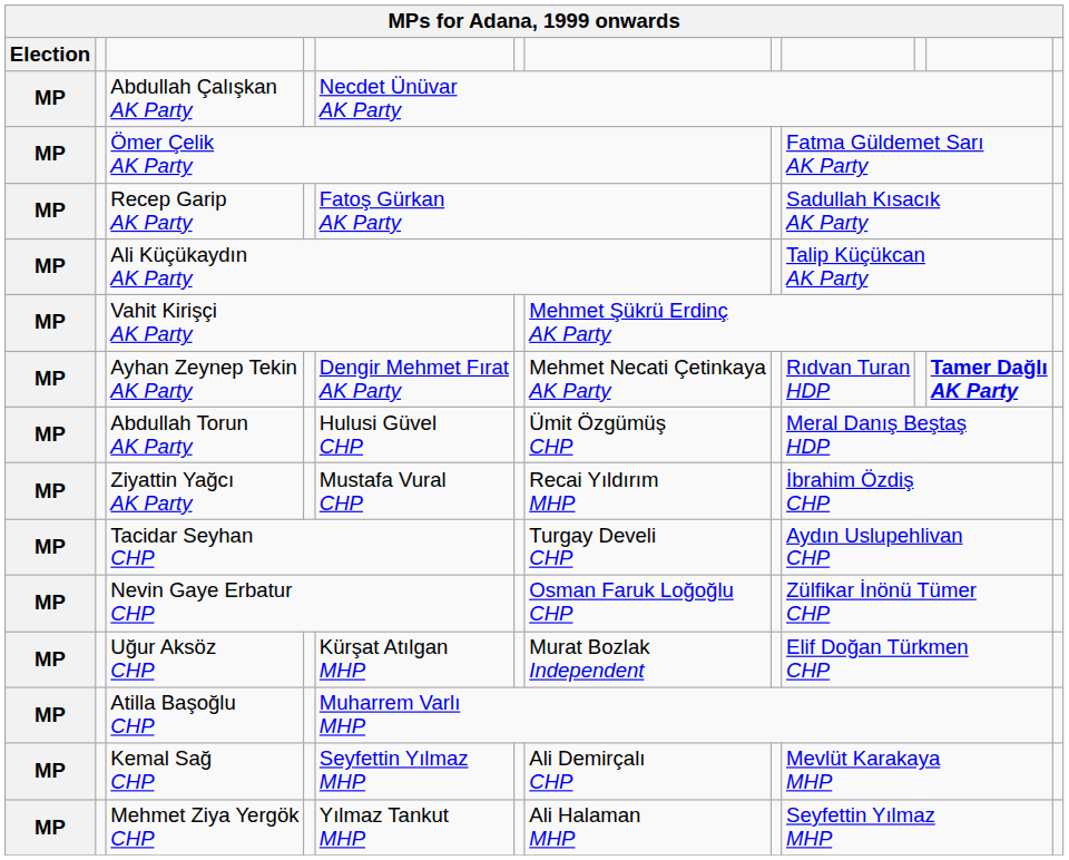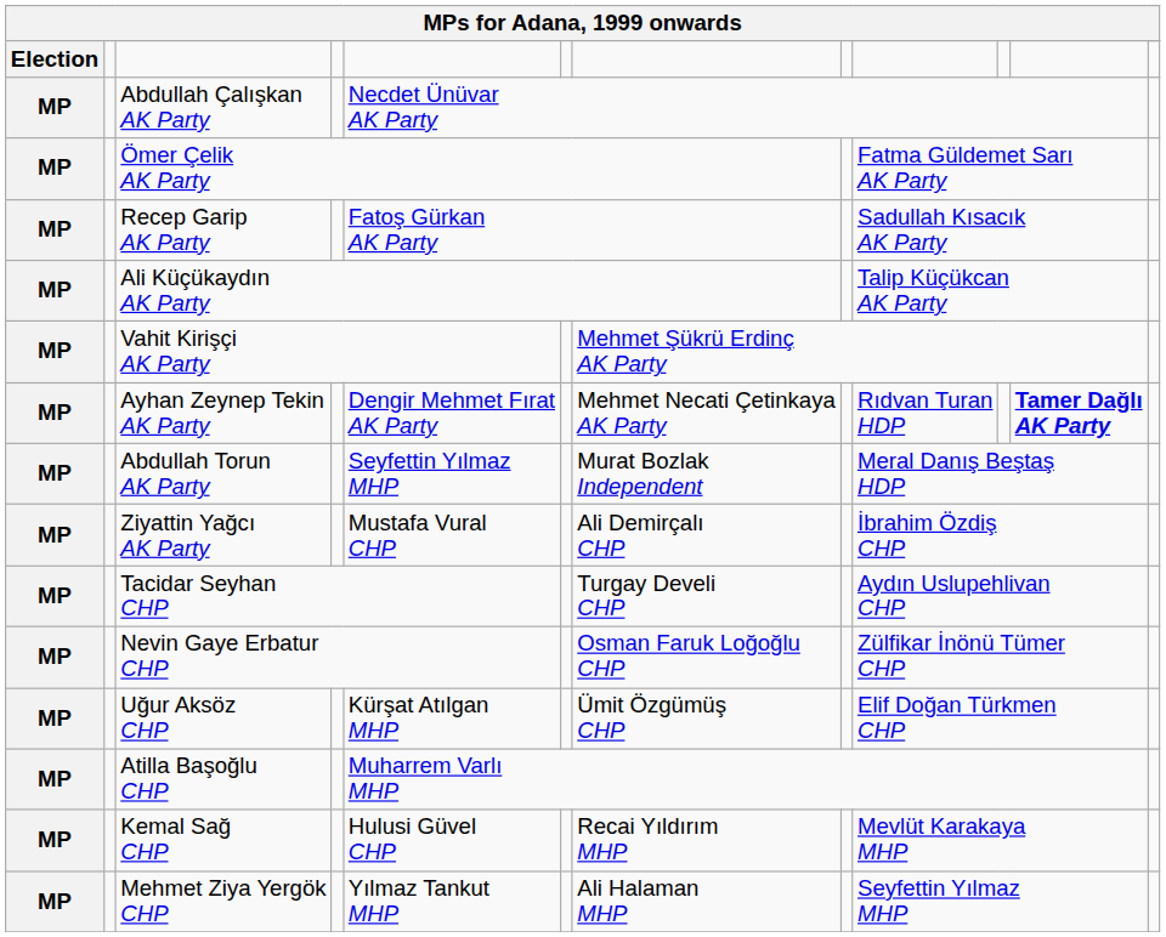 <table class="wikitable">
 <tr>
 <th colspan = 12>MPs for Adana, 1999 onwards</th>
 </tr>
 <tr>
 <th rowspan = 2>Election</th>
 <td rowspan="2" style="width:1px;"></td>
 <td rowspan = 2></td>
 <td rowspan="2" style="width:1px;"></td>
 <td rowspan = 2></td>
 <td rowspan="2" style="width:1px;"></td>
 <td rowspan = 2></td>
 <td rowspan="2" style="width:1px;"></td>
 <td rowspan = 2></td>
 <td rowspan="2" style="width:1px;"></td>
 <td rowspan = 2></td>
 </tr>
 <tr>
 <td></td>
 </tr>
 <tr>
 <th>MP</th>
 <td width=1px style="background-color: "></td>
 <td colspan = 1>Abdullah Çalışkan<br><em><a href='#'>AK Party</a></em></td>
 <td width=1px style="background-color: "></td>
 <td colspan = 7><a href='#'>Necdet Ünüvar</a><br><em><a href='#'>AK Party</a></em></td>
 <td width=1px style="background-color: "></td>
 </tr>
 <tr>
 <th>MP</th>
 <td width=1px style="background-color: "></td>
 <td colspan = 5><a href='#'>Ömer Çelik</a><br><em><a href='#'>AK Party</a></em></td>
 <td width=1px style="background-color: "></td>
 <td colspan = 3><a href='#'>Fatma Güldemet Sarı</a><br><em><a href='#'>AK Party</a></em></td>
 <td width=1px style="background-color: "></td>
 </tr>
 <tr>
 <th>MP</th>
 <td width=1px style="background-color: "></td>
 <td colspan = 1>Recep Garip<br><em><a href='#'>AK Party</a></em></td>
 <td width=1px style="background-color: "></td>
 <td colspan = 3><a href='#'>Fatoş Gürkan</a><br><em><a href='#'>AK Party</a></em></td>
 <td width=1px style="background-color: "></td>
 <td colspan = 3><a href='#'>Sadullah Kısacık</a><br><em><a href='#'>AK Party</a></em></td>
 <td width=1px style="background-color: "></td>
 </tr>
 <tr>
 <th>MP</th>
 <td width=1px style="background-color: "></td>
 <td colspan = 5>Ali Küçükaydın<br><em><a href='#'>AK Party</a></em></td>
 <td width=1px style="background-color: "></td>
 <td colspan = 3><a href='#'>Talip Küçükcan</a><br><em><a href='#'>AK Party</a></em></td>
 <td width=1px style="background-color: "></td>
 </tr>
 <tr>
 <th>MP</th>
 <td width=1px style="background-color: "></td>
 <td colspan = 3>Vahit Kirişçi<br><em><a href='#'>AK Party</a></em></td>
 <td width=1px style="background-color: "></td>
 <td colspan = 5><a href='#'>Mehmet Şükrü Erdinç</a><br><em><a href='#'>AK Party</a></em></td>
 <td width=1px style="background-color: "></td>
 </tr>
 <tr>
 <th>MP</th>
 <td width=1px style="background-color: "></td>
 <td colspan = 1>Ayhan Zeynep Tekin<br><em><a href='#'>AK Party</a></em></td>
 <td width=1px style="background-color: "></td>
 <td colspan = 1><a href='#'>Dengir Mehmet Fırat</a><br><em><a href='#'>AK Party</a></em></td>
 <td width=1px style="background-color: "></td>
 <td colspan = 1>Mehmet Necati Çetinkaya<br><em><a href='#'>AK Party</a></em></td>
 <td width=1px style="background-color: "></td>
 <td colspan = 1><a href='#'>Rıdvan Turan</a><br><em><a href='#'>HDP</a></em></td>
 <td width=1px style="background-color: "></td>
 <td colspan = 1><strong><a href='#'>Tamer Dağlı</a><br><em><a href='#'>AK Party</a></em></strong></td>
 <td width=1px style="background-color: "></td>
 </tr>
 <tr>
 <th>MP</th>
 <td width=1px style="background-color: "></td>
 <td colspan = 1>Abdullah Torun<br><em><a href='#'>AK Party</a></em></td>
 <td width=1px style="background-color: "></td>
-<td colspan = 1>Hulusi Güvel<br><em><a href='#'>CHP</a></em></td>
+<td colspan = 1><a href='#'>Seyfettin Yılmaz</a><br><em><a href='#'>MHP</a></em></td>
 <td width=1px style="background-color: "></td>
-<td colspan = 1>Ümit Özgümüş<br><em><a href='#'>CHP</a></em></td>
+<td colspan = 1>Murat Bozlak<br><em><a href='#'>Independent</a></em></td>
 <td width=1px style="background-color: "></td>
 <td colspan = 3><a href='#'>Meral Danış Beştaş</a><br><em><a href='#'>HDP</a></em></td>
 <td width=1px style="background-color: "></td>
 </tr>
 <tr>
 <th>MP</th>
 <td width=1px style="background-color: "></td>
 <td colspan = 1>Ziyattin Yağcı<br><em><a href='#'>AK Party</a></em></td>
 <td width=1px style="background-color: "></td>
 <td colspan = 1>Mustafa Vural<br><em><a href='#'>CHP</a></em></td>
 <td width=1px style="background-color: "></td>
-<td colspan = 1>Recai Yıldırım<br><em><a href='#'>MHP</a></em></td>
+<td colspan = 1>Ali Demirçalı<br><em><a href='#'>CHP</a></em></td>
 <td width=1px style="background-color: "></td>
 <td colspan = 3><a href='#'>İbrahim Özdiş</a><br><em><a href='#'>CHP</a></em></td>
 <td width=1px style="background-color: "></td>
 </tr>
 <tr>
 <th>MP</th>
 <td width=1px style="background-color: "></td>
 <td colspan = 3>Tacidar Seyhan<br><em><a href='#'>CHP</a></em></td>
 <td width=1px style="background-color: "></td>
 <td colspan = 1>Turgay Develi<br><em><a href='#'>CHP</a></em></td>
 <td width=1px style="background-color: "></td>
 <td colspan = 3><a href='#'>Aydın Uslupehlivan</a><br><em><a href='#'>CHP</a></em></td>
 <td width=1px style="background-color: "></td>
 </tr>
 <tr>
 <th>MP</th>
 <td width=1px style="background-color: "></td>
 <td colspan = 3>Nevin Gaye Erbatur<br><em><a href='#'>CHP</a></em></td>
 <td width=1px style="background-color: "></td>
 <td colspan = 1><a href='#'>Osman Faruk Loğoğlu</a><br><em><a href='#'>CHP</a></em></td>
 <td width=1px style="background-color: "></td>
 <td colspan = 3><a href='#'>Zülfikar İnönü Tümer</a><br><em><a href='#'>CHP</a></em></td>
 <td width=1px style="background-color: "></td>
 </tr>
 <tr>
 <th>MP</th>
 <td width=1px style="background-color: "></td>
 <td colspan = 1>Uğur Aksöz<br><em><a href='#'>CHP</a></em></td>
 <td width=1px style="background-color: "></td>
 <td colspan = 1>Kürşat Atılgan<br><em><a href='#'>MHP</a></em></td>
 <td width=1px style="background-color: "></td>
-<td colspan = 1>Murat Bozlak<br><em><a href='#'>Independent</a></em></td>
+<td colspan = 1>Ümit Özgümüş<br><em><a href='#'>CHP</a></em></td>
 <td width=1px style="background-color: "></td>
 <td colspan = 3><a href='#'>Elif Doğan Türkmen</a><br><em><a href='#'>CHP</a></em></td>
 <td width=1px style="background-color: "></td>
 </tr>
 <tr>
 <th>MP</th>
 <td width=1px style="background-color: "></td>
 <td colspan = 1>Atilla Başoğlu<br><em><a href='#'>CHP</a></em></td>
 <td width=1px style="background-color: "></td>
 <td colspan = 7><a href='#'>Muharrem Varlı</a><br><em><a href='#'>MHP</a></em></td>
 <td width=1px style="background-color: "></td>
 </tr>
 <tr>
 <th>MP</th>
 <td width=1px style="background-color: "></td>
 <td colspan = 1>Kemal Sağ<br><em><a href='#'>CHP</a></em></td>
 <td width=1px style="background-color: "></td>
-<td colspan = 1><a href='#'>Seyfettin Yılmaz</a><br><em><a href='#'>MHP</a></em></td>
+<td colspan = 1>Hulusi Güvel<br><em><a href='#'>CHP</a></em></td>
 <td width=1px style="background-color: "></td>
-<td colspan = 1>Ali Demirçalı<br><em><a href='#'>CHP</a></em></td>
+<td colspan = 1>Recai Yıldırım<br><em><a href='#'>MHP</a></em></td>
 <td width=1px style="background-color: "></td>
 <td colspan = 3><a href='#'>Mevlüt Karakaya</a><br><em><a href='#'>MHP</a></em></td>
 <td width=1px style="background-color: "></td>
 </tr>
 <tr>
 <th>MP</th>
 <td width=1px style="background-color: "></td>
 <td colspan = 1>Mehmet Ziya Yergök<br><em><a href='#'>CHP</a></em></td>
 <td width=1px style="background-color: "></td>
 <td colspan = 1>Yılmaz Tankut<br><em><a href='#'>MHP</a></em></td>
 <td width=1px style="background-color: "></td>
 <td colspan = 1>Ali Halaman<br><em><a href='#'>MHP</a></em></td>
 <td width=1px style="background-color: "></td>
 <td colspan = 3><a href='#'>Seyfettin Yılmaz</a><br><em><a href='#'>MHP</a></em></td>
 <td width=1px style="background-color: "></td>
 </tr>
 </table>
